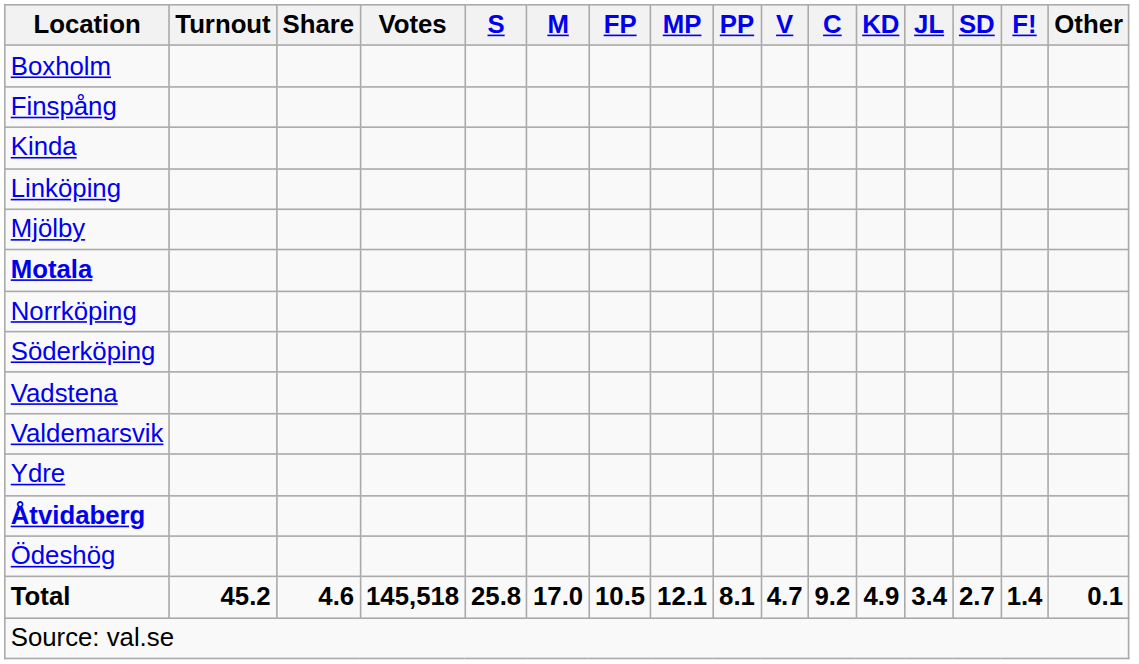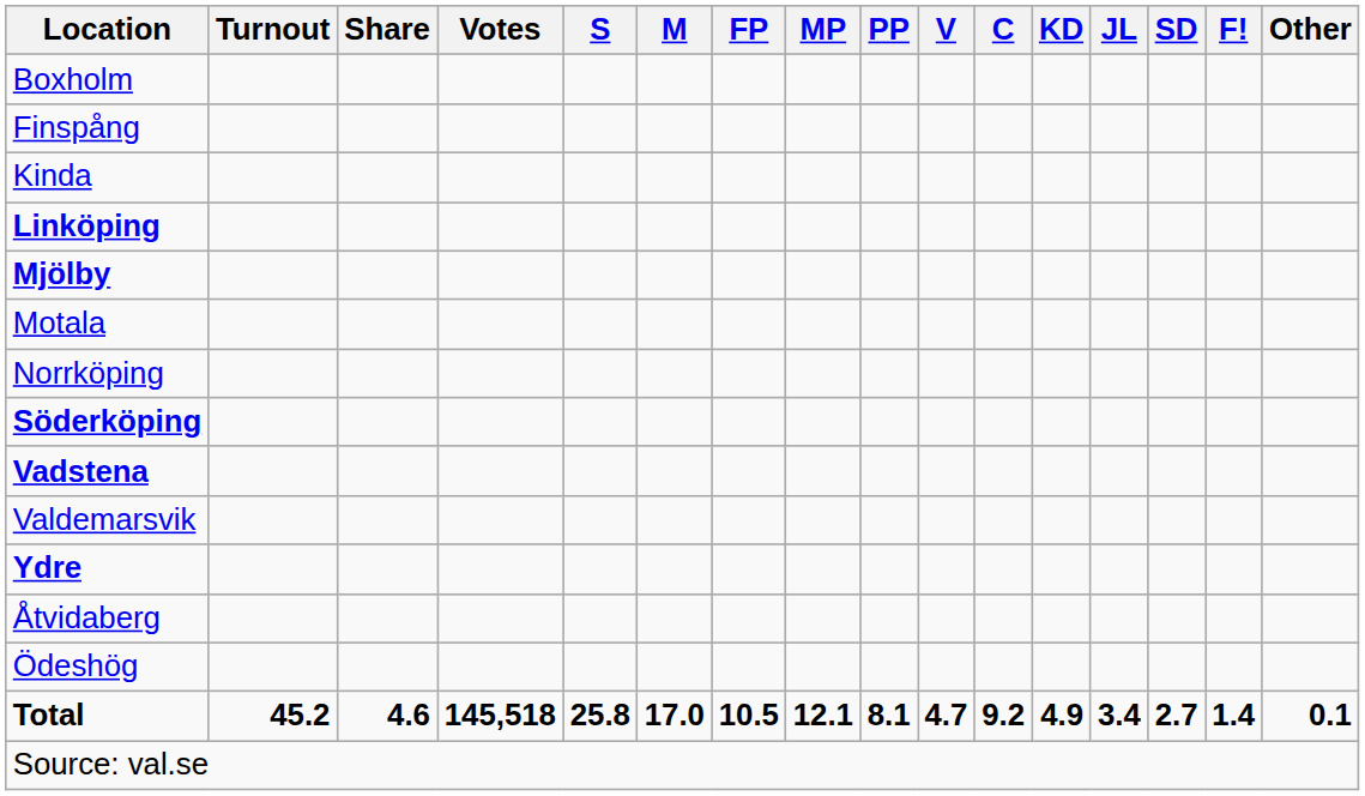 <table class="wikitable sortable" style=text-align:right>
 <tr>
 <th>Location</th>
 <th>Turnout</th>
 <th>Share</th>
 <th>Votes</th>
 <th><a href='#'>S</a></th>
 <th><a href='#'>M</a></th>
 <th><a href='#'>FP</a></th>
 <th><a href='#'>MP</a></th>
 <th><a href='#'>PP</a></th>
 <th><a href='#'>V</a></th>
 <th><a href='#'>C</a></th>
 <th><a href='#'>KD</a></th>
 <th><a href='#'>JL</a></th>
 <th><a href='#'>SD</a></th>
 <th><a href='#'>F!</a></th>
 <th>Other</th>
 </tr>
 <tr>
 <td align=left><a href='#'>Boxholm</a></td>
 <td></td>
 <td></td>
 <td></td>
 <td></td>
 <td></td>
 <td></td>
 <td></td>
 <td></td>
 <td></td>
 <td></td>
 <td></td>
 <td></td>
 <td></td>
 <td></td>
 <td></td>
 </tr>
 <tr>
 <td align=left><a href='#'>Finspång</a></td>
 <td></td>
 <td></td>
 <td></td>
 <td></td>
 <td></td>
 <td></td>
 <td></td>
 <td></td>
 <td></td>
 <td></td>
 <td></td>
 <td></td>
 <td></td>
 <td></td>
 <td></td>
 </tr>
 <tr>
 <td align=left><a href='#'>Kinda</a></td>
 <td></td>
 <td></td>
 <td></td>
 <td></td>
 <td></td>
 <td></td>
 <td></td>
 <td></td>
 <td></td>
 <td></td>
 <td></td>
 <td></td>
 <td></td>
 <td></td>
 <td></td>
 </tr>
 <tr>
-<td align=left><a href='#'>Linköping</a></td>
+<td align=left><strong><a href='#'>Linköping</a></strong></td>
 <td></td>
 <td></td>
 <td></td>
 <td></td>
 <td></td>
 <td></td>
 <td></td>
 <td></td>
 <td></td>
 <td></td>
 <td></td>
 <td></td>
 <td></td>
 <td></td>
 <td></td>
 </tr>
 <tr>
-<td align=left><a href='#'>Mjölby</a></td>
+<td align=left><strong><a href='#'>Mjölby</a></strong></td>
 <td></td>
 <td></td>
 <td></td>
 <td></td>
 <td></td>
 <td></td>
 <td></td>
 <td></td>
 <td></td>
 <td></td>
 <td></td>
 <td></td>
 <td></td>
 <td></td>
 <td></td>
 </tr>
 <tr>
-<td align=left><strong><a href='#'>Motala</a></strong></td>
+<td align=left><a href='#'>Motala</a></td>
 <td></td>
 <td></td>
 <td></td>
 <td></td>
 <td></td>
 <td></td>
 <td></td>
 <td></td>
 <td></td>
 <td></td>
 <td></td>
 <td></td>
 <td></td>
 <td></td>
 <td></td>
 </tr>
 <tr>
 <td align=left><a href='#'>Norrköping</a></td>
 <td></td>
 <td></td>
 <td></td>
 <td></td>
 <td></td>
 <td></td>
 <td></td>
 <td></td>
 <td></td>
 <td></td>
 <td></td>
 <td></td>
 <td></td>
 <td></td>
 <td></td>
 </tr>
 <tr>
-<td align=left><a href='#'>Söderköping</a></td>
+<td align=left><strong><a href='#'>Söderköping</a></strong></td>
 <td></td>
 <td></td>
 <td></td>
 <td></td>
 <td></td>
 <td></td>
 <td></td>
 <td></td>
 <td></td>
 <td></td>
 <td></td>
 <td></td>
 <td></td>
 <td></td>
 <td></td>
 </tr>
 <tr>
-<td align=left><a href='#'>Vadstena</a></td>
+<td align=left><strong><a href='#'>Vadstena</a></strong></td>
 <td></td>
 <td></td>
 <td></td>
 <td></td>
 <td></td>
 <td></td>
 <td></td>
 <td></td>
 <td></td>
 <td></td>
 <td></td>
 <td></td>
 <td></td>
 <td></td>
 <td></td>
 </tr>
 <tr>
 <td align=left><a href='#'>Valdemarsvik</a></td>
 <td></td>
 <td></td>
 <td></td>
 <td></td>
 <td></td>
 <td></td>
 <td></td>
 <td></td>
 <td></td>
 <td></td>
 <td></td>
 <td></td>
 <td></td>
 <td></td>
 <td></td>
 </tr>
 <tr>
-<td align=left><a href='#'>Ydre</a></td>
+<td align=left><strong><a href='#'>Ydre</a></strong></td>
 <td></td>
 <td></td>
 <td></td>
 <td></td>
 <td></td>
 <td></td>
 <td></td>
 <td></td>
 <td></td>
 <td></td>
 <td></td>
 <td></td>
 <td></td>
 <td></td>
 <td></td>
 </tr>
 <tr>
-<td align=left><strong><a href='#'>Åtvidaberg</a></strong></td>
+<td align=left><a href='#'>Åtvidaberg</a></td>
 <td></td>
 <td></td>
 <td></td>
 <td></td>
 <td></td>
 <td></td>
 <td></td>
 <td></td>
 <td></td>
 <td></td>
 <td></td>
 <td></td>
 <td></td>
 <td></td>
 <td></td>
 </tr>
 <tr>
 <td align=left><a href='#'>Ödeshög</a></td>
 <td></td>
 <td></td>
 <td></td>
 <td></td>
 <td></td>
 <td></td>
 <td></td>
 <td></td>
 <td></td>
 <td></td>
 <td></td>
 <td></td>
 <td></td>
 <td></td>
 <td></td>
 </tr>
 <tr>
 <td align=left><strong>Total</strong></td>
 <td><strong>45.2</strong></td>
 <td><strong>4.6</strong></td>
 <td><strong>145,518</strong></td>
 <td><strong>25.8</strong></td>
 <td><strong>17.0</strong></td>
 <td><strong>10.5</strong></td>
 <td><strong>12.1</strong></td>
 <td><strong>8.1</strong></td>
 <td><strong>4.7</strong></td>
 <td><strong>9.2</strong></td>
 <td><strong>4.9</strong></td>
 <td><strong>3.4</strong></td>
 <td><strong>2.7</strong></td>
 <td><strong>1.4</strong></td>
 <td><strong>0.1</strong></td>
 </tr>
 <tr>
 <td align=left colspan=16>Source: val.se </td>
 </tr>
 </table>
